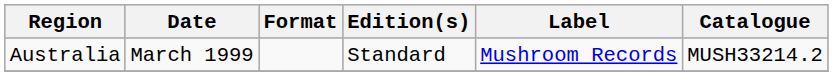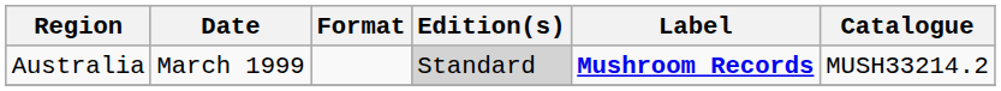 <table class="wikitable plainrowheaders">
 <tr>
 <th scope="col">Region</th>
 <th scope="col">Date</th>
 <th scope="col">Format</th>
 <th scope="col">Edition(s)</th>
 <th scope="col">Label</th>
 <th scope="col">Catalogue</th>
 </tr>
 <tr>
 <td>Australia</td>
 <td>March 1999</td>
 <td></td>
-<td>Standard</td>
-<td><a href='#'>Mushroom Records</a></td>
+<td style="background: lightgrey;">Standard</td>
+<td><strong><a href='#'>Mushroom Records</a></strong></td>
 <td>MUSH33214.2</td>
 </tr>
 <tr>
 </tr>
 </table>
